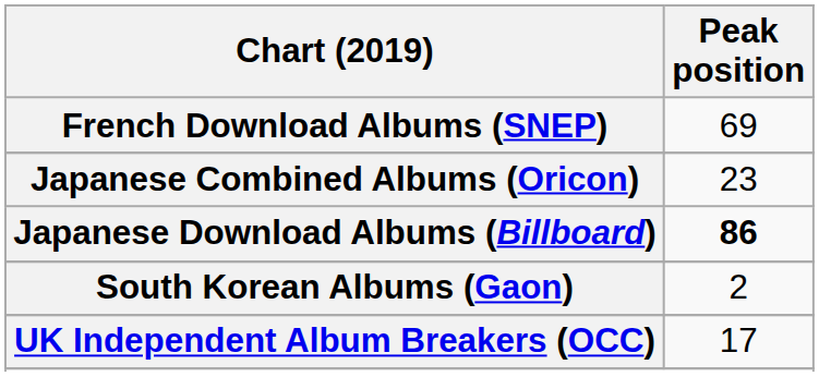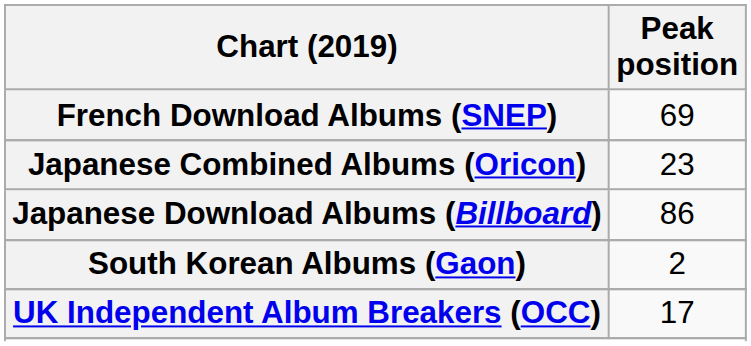 <table class="wikitable sortable plainrowheaders" style="text-align:center">
 <tr>
 <th scope="col">Chart (2019)</th>
 <th scope="col">Peak<br>position</th>
 </tr>
 <tr>
 <th scope="row">French Download Albums (<a href='#'>SNEP</a>)</th>
 <td>69</td>
 </tr>
 <tr>
 </tr>
 <tr>
 <th scope="row">Japanese Combined Albums (<a href='#'>Oricon</a>)</th>
 <td>23</td>
 </tr>
 <tr>
 <th scope="row">Japanese Download Albums (<a href='#'><em>Billboard</em></a>)</th>
-<td><strong>86</strong></td>
+<td>86</td>
 </tr>
 <tr>
 </tr>
 <tr>
 <th scope="row">South Korean Albums (<a href='#'>Gaon</a>)</th>
 <td>2</td>
 </tr>
 <tr>
 </tr>
 <tr>
 <th scope="row"><a href='#'>UK Independent Album Breakers</a> (<a href='#'>OCC</a>)</th>
 <td>17</td>
 </tr>
 <tr>
 </tr>
 <tr>
 </tr>
 <tr>
 </tr>
 </table>
